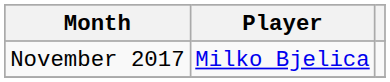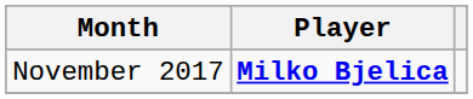 <table class="wikitable" style="text-align: center;">
 <tr>
 <th>Month</th>
 <th>Player</th>
 <th></th>
 </tr>
 <tr>
 <td>November 2017</td>
-<td align="left"> <a href='#'>Milko Bjelica</a></td>
+<td align="left"><strong> <a href='#'>Milko Bjelica</a></strong></td>
 <td></td>
 </tr>
 <tr>
 </tr>
 </table>
